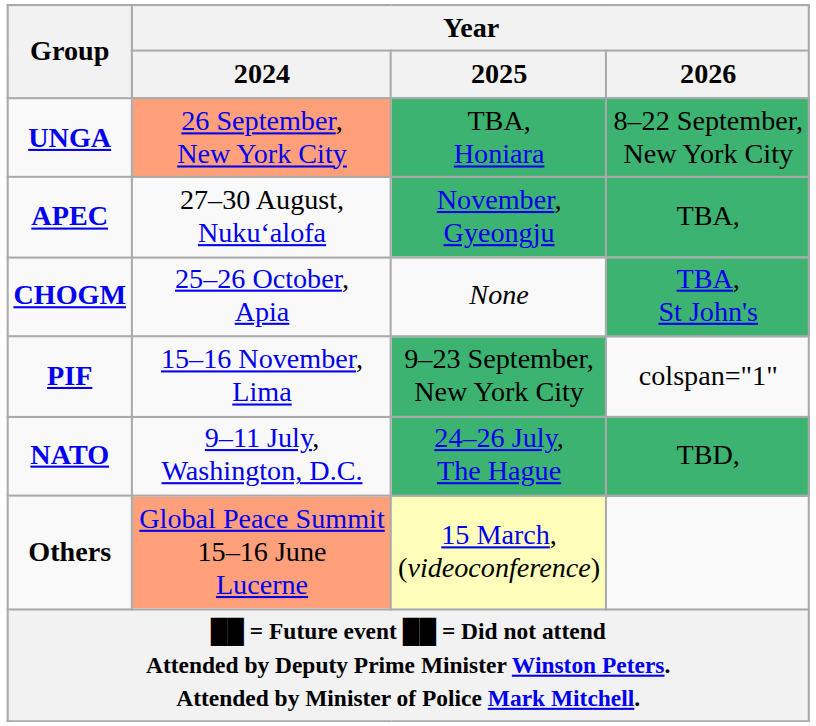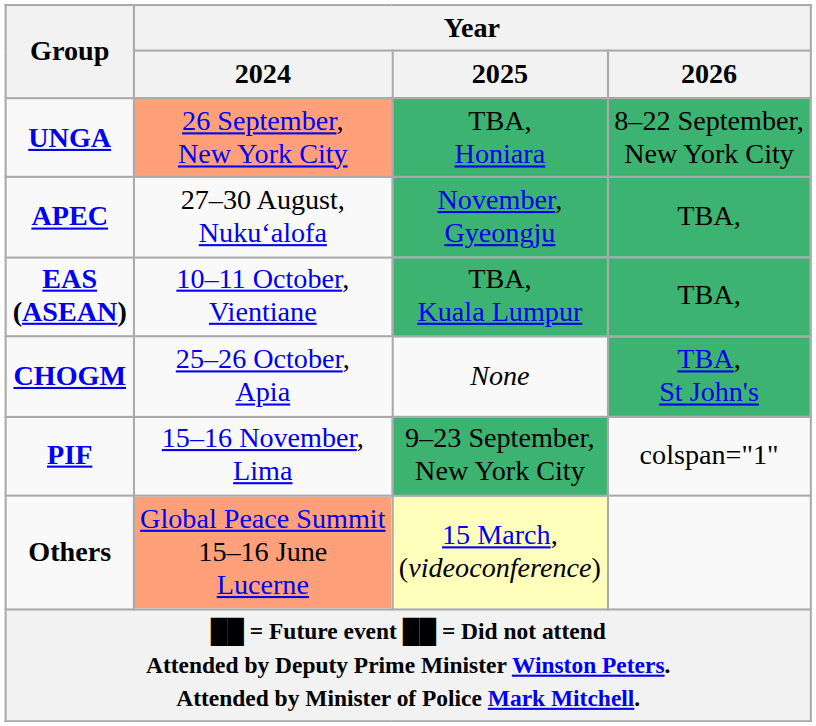 <table class="wikitable" style="margin:1em auto; font-size:85%; text-align:center;">
 <tr>
 <th rowspan="2">Group</th>
 <th colspan="3">Year</th>
 </tr>
 <tr>
 <th>2024</th>
 <th>2025</th>
 <th>2026</th>
 </tr>
 <tr>
 <td><strong><a href='#'>UNGA</a></strong></td>
 <td style="background:#ffa07a;"><a href='#'>26 September</a>,<br> <a href='#'>New York City</a></td>
 <td style="background:#3Cb371;">TBA,<br> <a href='#'>Honiara</a></td>
 <td style="background:#3Cb371;">8–22 September,<br> New York City</td>
 </tr>
 <tr>
 <td><strong><a href='#'>APEC</a></strong></td>
 <td>27–30 August,<br> <a href='#'>Nukuʻalofa</a></td>
 <td style="background:#3Cb371;"><a href='#'>November</a>,<br> <a href='#'>Gyeongju</a></td>
 <td style="background:#3Cb371;">TBA,<br></td>
 </tr>
 <tr>
+<td><strong><a href='#'>EAS</a><br>(<a href='#'>ASEAN</a>)</strong></td>
+<td><a href='#'>10–11 October</a>,<br> <a href='#'>Vientiane</a></td>
+<td style="background:#3Cb371;">TBA,<br> <a href='#'>Kuala Lumpur</a></td>
+<td style="background:#3Cb371;">TBA,<br></td>
+</tr>
+<tr>
 <td><strong><a href='#'>CHOGM</a></strong></td>
 <td><a href='#'>25–26 October</a>,<br> <a href='#'>Apia</a></td>
 <td><em>None</em></td>
 <td style="background:#3Cb371;"><a href='#'>TBA</a>,<br> <a href='#'>St John's</a></td>
 </tr>
 <tr>
 <td><strong><a href='#'>PIF</a></strong></td>
 <td><a href='#'>15–16 November</a>,<br> <a href='#'>Lima</a></td>
 <td style="background:#3Cb371;">9–23 September,<br> New York City</td>
 <td>colspan="1" </td>
 </tr>
 <tr>
-<td><strong><a href='#'>NATO</a></strong></td>
-<td><a href='#'>9–11 July</a>,<br> <a href='#'>Washington, D.C.</a></td>
-<td style="background:#3Cb371;"><a href='#'>24–26 July</a>,<br> <a href='#'>The Hague</a></td>
-<td style="background:#3Cb371;">TBD,<br></td>
-</tr>
-<tr>
 <td><strong>Others</strong></td>
 <td style="background:#ffa07a;"><a href='#'>Global Peace Summit</a><br>15–16 June<br> <a href='#'>Lucerne</a></td>
 <td style="background:#ffb;"><a href='#'>15 March</a>,<br>(<em>videoconference</em>)<br></td>
 <td></td>
 </tr>
 <tr>
 <th colspan="4"><small><span>██</span> = Future event <span>██</span> = Did not attend <br>Attended by Deputy Prime Minister <a href='#'>Winston Peters</a>.<br>Attended by Minister of Police <a href='#'>Mark Mitchell</a>.</small></th>
 </tr>
 </table>
